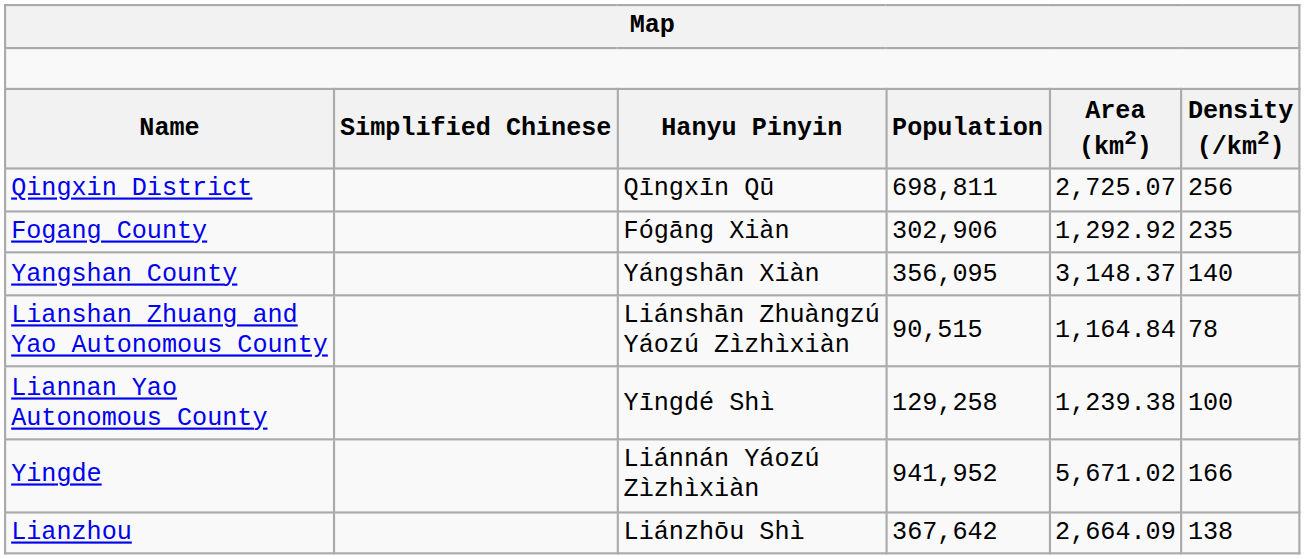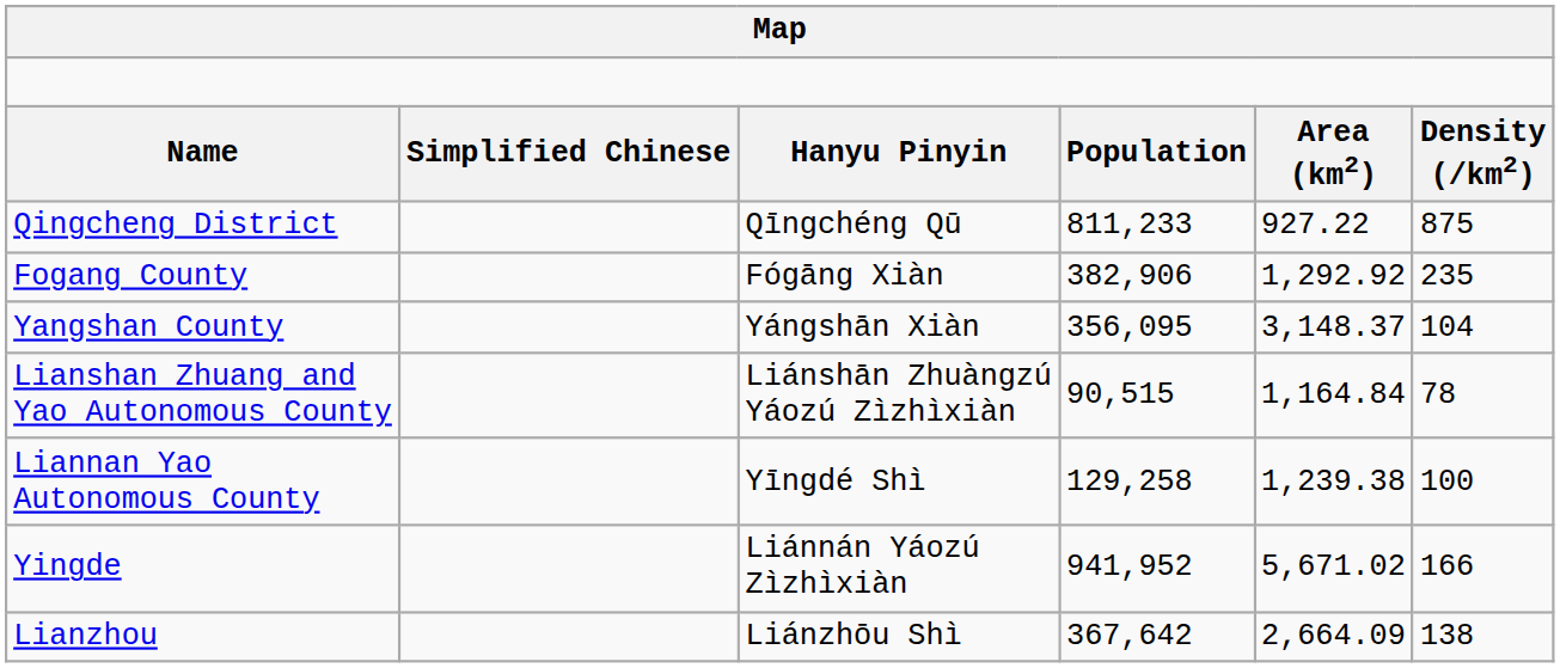 <table class="wikitable" style="font-size:90%;">
 <tr>
 <th colspan="6">Map</th>
 </tr>
 <tr>
 <td colspan="6"><div><br>          </div></td>
 </tr>
 <tr>
 <th>Name</th>
 <th>Simplified Chinese</th>
 <th>Hanyu Pinyin</th>
 <th>Population<br></th>
 <th>Area<br>(km<sup>2</sup>)</th>
 <th>Density<br>(/km<sup>2</sup>)</th>
 </tr>
 <tr>
-<td><a href='#'>Qingxin District</a></td>
+<td><a href='#'>Qingcheng District</a></td>
 <td></td>
-<td>Qīngxīn Qū</td>
-<td>698,811</td>
-<td>2,725.07</td>
-<td>256</td>
+<td>Qīngchéng Qū</td>
+<td>811,233</td>
+<td>927.22</td>
+<td>875</td>
 </tr>
 <tr>
 <td><a href='#'>Fogang County</a></td>
 <td></td>
 <td>Fógāng Xiàn</td>
-<td>302,906</td>
+<td>382,906</td>
 <td>1,292.92</td>
 <td>235</td>
 </tr>
 <tr>
 <td><a href='#'>Yangshan County</a></td>
 <td></td>
 <td>Yángshān Xiàn</td>
 <td>356,095</td>
 <td>3,148.37</td>
-<td>140</td>
+<td>104</td>
 </tr>
 <tr>
 <td><a href='#'>Lianshan Zhuang and<br>Yao Autonomous County</a></td>
 <td></td>
 <td>Liánshān Zhuàngzú<br>Yáozú Zìzhìxiàn</td>
 <td>90,515</td>
 <td>1,164.84</td>
 <td>78</td>
 </tr>
 <tr>
 <td><a href='#'>Liannan Yao<br>Autonomous County</a></td>
 <td></td>
 <td>Yīngdé Shì</td>
 <td>129,258</td>
 <td>1,239.38</td>
 <td>100</td>
 </tr>
 <tr>
 <td><a href='#'>Yingde</a></td>
 <td></td>
 <td>Liánnán Yáozú<br>Zìzhìxiàn</td>
 <td>941,952</td>
 <td>5,671.02</td>
 <td>166</td>
 </tr>
 <tr>
 <td><a href='#'>Lianzhou</a></td>
 <td></td>
 <td>Liánzhōu Shì</td>
 <td>367,642</td>
 <td>2,664.09</td>
 <td>138</td>
 </tr>
 </table>
